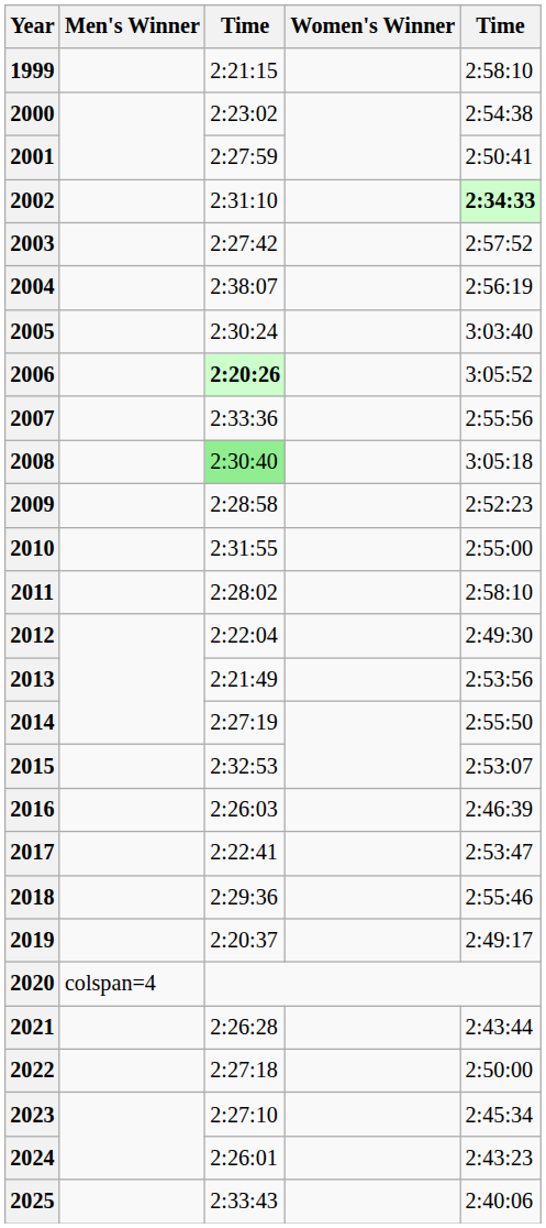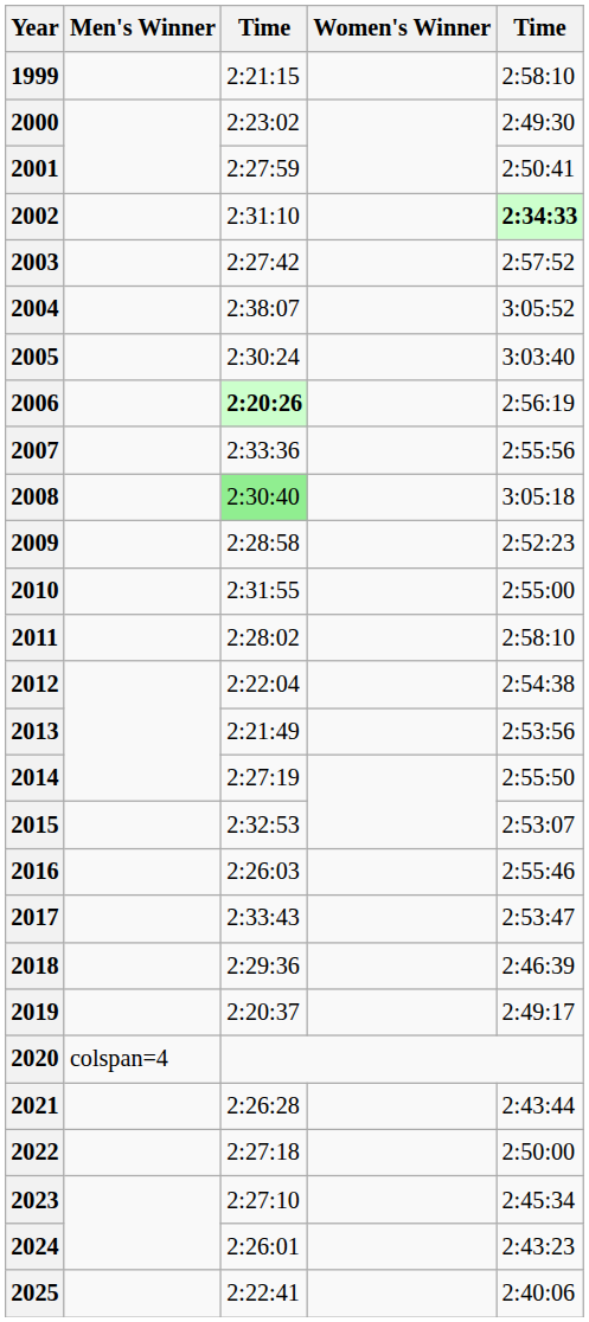 <table class="wikitable sortable" style="font-size:1.00em; line-height:1.5em;">
 <tr>
 <th scope="col">Year</th>
 <th scope="col">Men's Winner</th>
 <th scope="col" data-sort-type="time">Time</th>
 <th scope="col">Women's Winner</th>
 <th scope="col" data-sort-type="time">Time</th>
 </tr>
 <tr>
 <th scope="row">1999</th>
 <td></td>
 <td>2:21:15</td>
 <td></td>
 <td>2:58:10</td>
 </tr>
 <tr>
 <th scope="row">2000</th>
 <td rowspan="2" align="left"></td>
 <td>2:23:02</td>
 <td rowspan="2" align="left"></td>
-<td>2:54:38</td>
+<td>2:49:30</td>
 </tr>
 <tr>
 <th scope="row">2001</th>
 <td>2:27:59</td>
 <td>2:50:41</td>
 </tr>
 <tr>
 <th scope="row">2002</th>
 <td></td>
 <td>2:31:10</td>
 <td></td>
 <td style="background:#CCFFCC"><strong>2:34:33</strong></td>
 </tr>
 <tr>
 <th scope="row">2003</th>
 <td></td>
 <td>2:27:42</td>
 <td></td>
 <td>2:57:52</td>
 </tr>
 <tr>
 <th scope="row">2004</th>
 <td></td>
 <td>2:38:07</td>
 <td></td>
-<td>2:56:19</td>
+<td>3:05:52</td>
 </tr>
 <tr>
 <th scope="row">2005</th>
 <td></td>
 <td>2:30:24</td>
 <td></td>
 <td>3:03:40</td>
 </tr>
 <tr>
 <th scope="row">2006</th>
 <td></td>
 <td style="background:#CCFFCC"><strong>2:20:26</strong></td>
 <td></td>
-<td>3:05:52</td>
+<td>2:56:19</td>
 </tr>
 <tr>
 <th scope="row">2007</th>
 <td></td>
 <td>2:33:36</td>
 <td></td>
 <td>2:55:56</td>
 </tr>
 <tr>
 <th scope="row">2008</th>
 <td></td>
 <td style="background: lightgreen;">2:30:40</td>
 <td></td>
 <td>3:05:18</td>
 </tr>
 <tr>
 <th scope="row">2009</th>
 <td></td>
 <td>2:28:58</td>
 <td></td>
 <td>2:52:23</td>
 </tr>
 <tr>
 <th scope="row">2010</th>
 <td></td>
 <td>2:31:55</td>
 <td></td>
 <td>2:55:00</td>
 </tr>
 <tr>
 <th scope="row">2011</th>
 <td></td>
 <td>2:28:02</td>
 <td></td>
 <td>2:58:10</td>
 </tr>
 <tr>
 <th scope="row">2012</th>
 <td rowspan="3" align="left"></td>
 <td>2:22:04</td>
 <td></td>
-<td>2:49:30</td>
+<td>2:54:38</td>
 </tr>
 <tr>
 <th scope="row">2013</th>
 <td>2:21:49</td>
 <td></td>
 <td>2:53:56</td>
 </tr>
 <tr>
 <th scope="row">2014</th>
 <td>2:27:19</td>
 <td rowspan="2" align="left"></td>
 <td>2:55:50</td>
 </tr>
 <tr>
 <th scope="row">2015</th>
 <td></td>
 <td>2:32:53</td>
 <td>2:53:07</td>
 </tr>
 <tr>
 <th scope="row">2016</th>
 <td></td>
 <td>2:26:03</td>
 <td></td>
-<td>2:46:39</td>
+<td>2:55:46</td>
 </tr>
 <tr>
 <th scope="row">2017</th>
 <td></td>
-<td>2:22:41</td>
+<td>2:33:43</td>
 <td></td>
 <td>2:53:47</td>
 </tr>
 <tr>
 <th scope="row">2018</th>
 <td></td>
 <td>2:29:36</td>
 <td></td>
-<td>2:55:46</td>
+<td>2:46:39</td>
 </tr>
 <tr>
 <th scope="row">2019</th>
 <td></td>
 <td>2:20:37</td>
 <td></td>
 <td>2:49:17</td>
 </tr>
 <tr>
 <th scope="row">2020</th>
 <td>colspan=4 </td>
 </tr>
 <tr>
 <th scope="row">2021</th>
 <td></td>
 <td>2:26:28</td>
 <td></td>
 <td>2:43:44</td>
 </tr>
 <tr>
 <th scope="row">2022</th>
 <td></td>
 <td>2:27:18</td>
 <td></td>
 <td>2:50:00</td>
 </tr>
 <tr>
 <th scope="row">2023</th>
 <td rowspan="2" align="left"></td>
 <td>2:27:10</td>
 <td></td>
 <td>2:45:34</td>
 </tr>
 <tr>
 <th scope="row">2024</th>
 <td>2:26:01</td>
 <td></td>
 <td>2:43:23</td>
 </tr>
 <tr>
 <th>2025</th>
 <td></td>
-<td>2:33:43</td>
+<td>2:22:41</td>
 <td></td>
 <td>2:40:06</td>
 </tr>
 </table>
